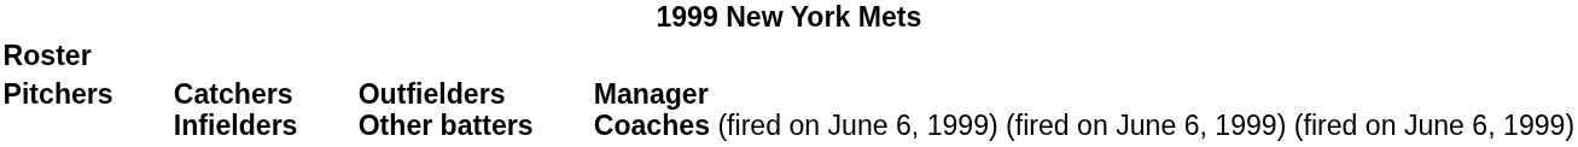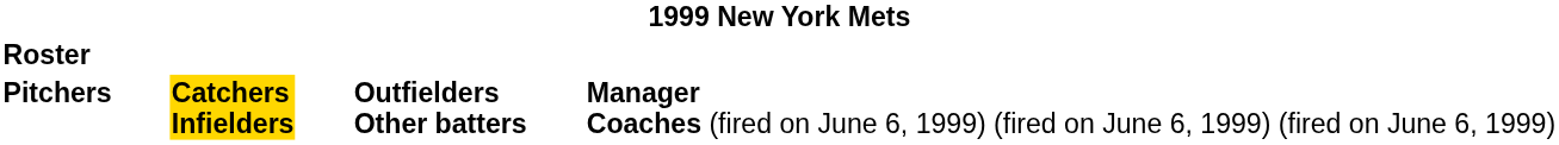 <table class="toccolours" style="font-size: 95%;">
 <tr>
 <th colspan="10">1999 New York Mets</th>
 </tr>
 <tr>
 <td colspan="10"><strong>Roster</strong></td>
 </tr>
 <tr>
 <td valign="top"><strong>Pitchers</strong><br>                     </td>
 <td width="25px"></td>
-<td valign="top"><strong>Catchers</strong><br>   <strong>Infielders</strong>       </td>
+<td valign="top" style="background: gold;"><strong>Catchers</strong><br>   <strong>Infielders</strong>       </td>
 <td width="25px"></td>
 <td valign="top"><strong>Outfielders</strong><br>            <strong>Other batters</strong> </td>
 <td width="25px"></td>
 <td valign="top"><strong>Manager</strong><br> <strong>Coaches</strong>  (fired on June 6, 1999)    (fired on June 6, 1999)  (fired on June 6, 1999)    </td>
 </tr>
 </table>
